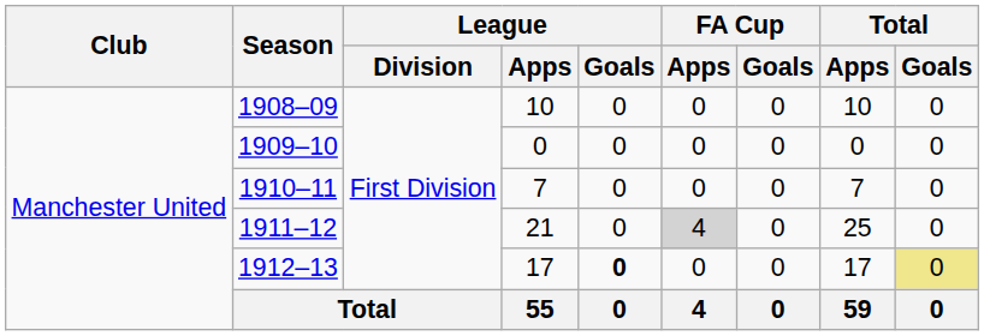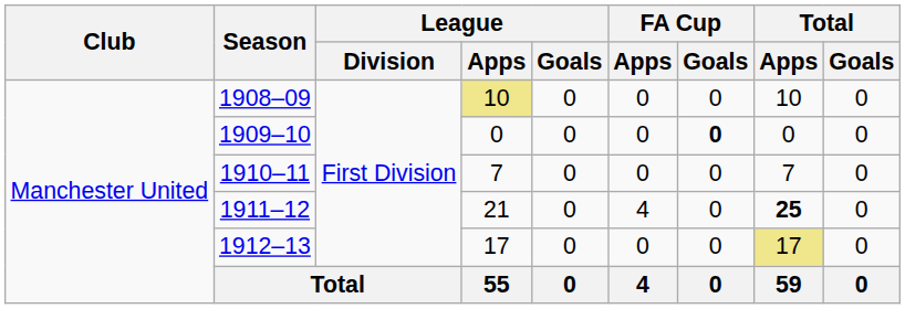 <table class="wikitable" style="text-align:center">
 <tr>
 <th rowspan="2">Club</th>
 <th rowspan="2">Season</th>
 <th colspan="3">League</th>
 <th colspan="2">FA Cup</th>
 <th colspan="2">Total</th>
 </tr>
 <tr>
 <th>Division</th>
 <th>Apps</th>
 <th>Goals</th>
 <th>Apps</th>
 <th>Goals</th>
 <th>Apps</th>
 <th>Goals</th>
 </tr>
 <tr>
 <td rowspan="6"><a href='#'>Manchester United</a></td>
 <td><a href='#'>1908–09</a></td>
 <td rowspan="5"><a href='#'>First Division</a></td>
-<td>10</td>
+<td style="background: khaki;">10</td>
 <td>0</td>
 <td>0</td>
 <td>0</td>
 <td>10</td>
 <td>0</td>
 </tr>
 <tr>
 <td><a href='#'>1909–10</a></td>
 <td>0</td>
 <td>0</td>
 <td>0</td>
-<td>0</td>
+<td><strong>0</strong></td>
 <td>0</td>
 <td>0</td>
 </tr>
 <tr>
 <td><a href='#'>1910–11</a></td>
 <td>7</td>
 <td>0</td>
 <td>0</td>
 <td>0</td>
 <td>7</td>
 <td>0</td>
 </tr>
 <tr>
 <td><a href='#'>1911–12</a></td>
 <td>21</td>
 <td>0</td>
-<td style="background: lightgrey;">4</td>
+<td>4</td>
 <td>0</td>
-<td>25</td>
+<td><strong>25</strong></td>
 <td>0</td>
 </tr>
 <tr>
 <td><a href='#'>1912–13</a></td>
 <td>17</td>
-<td><strong>0</strong></td>
 <td>0</td>
 <td>0</td>
-<td>17</td>
-<td style="background: khaki;">0</td>
+<td>0</td>
+<td style="background: khaki;">17</td>
+<td>0</td>
 </tr>
 <tr>
 <th colspan="2">Total</th>
 <th>55</th>
 <th>0</th>
 <th>4</th>
 <th>0</th>
 <th>59</th>
 <th>0</th>
 </tr>
 </table>
